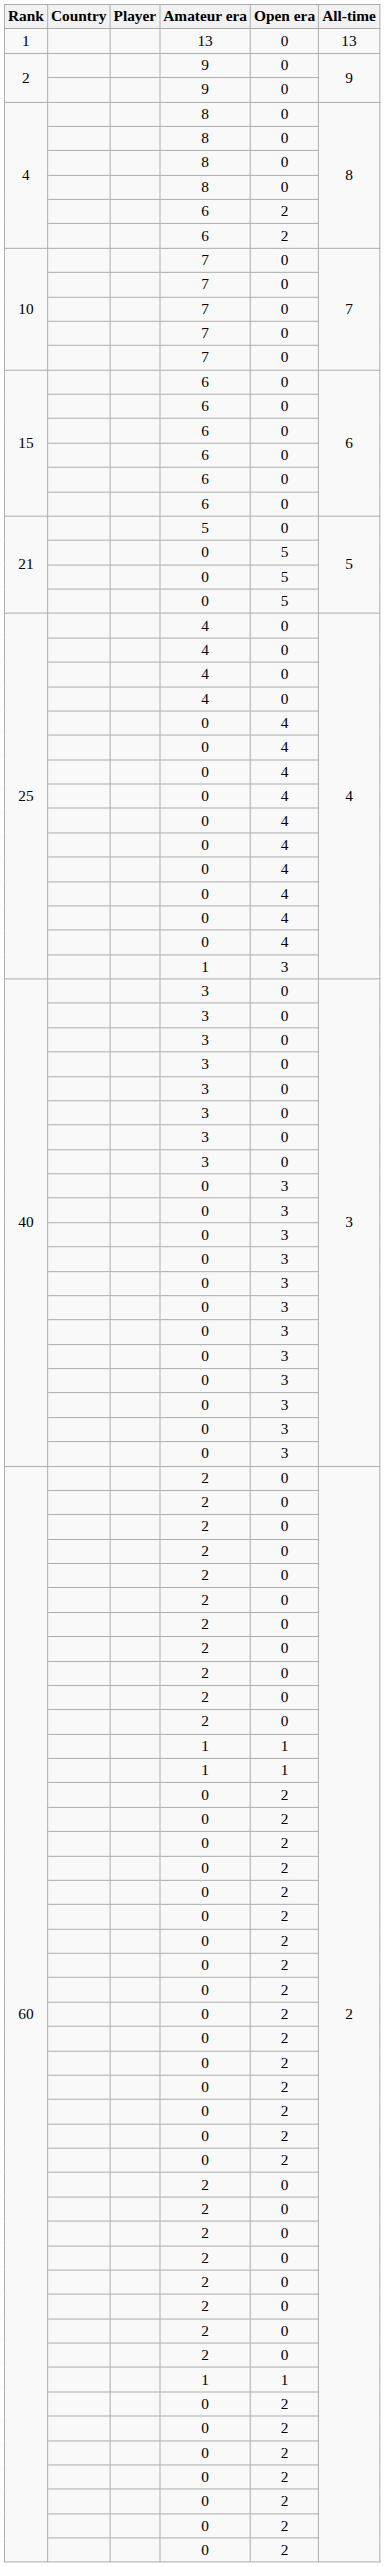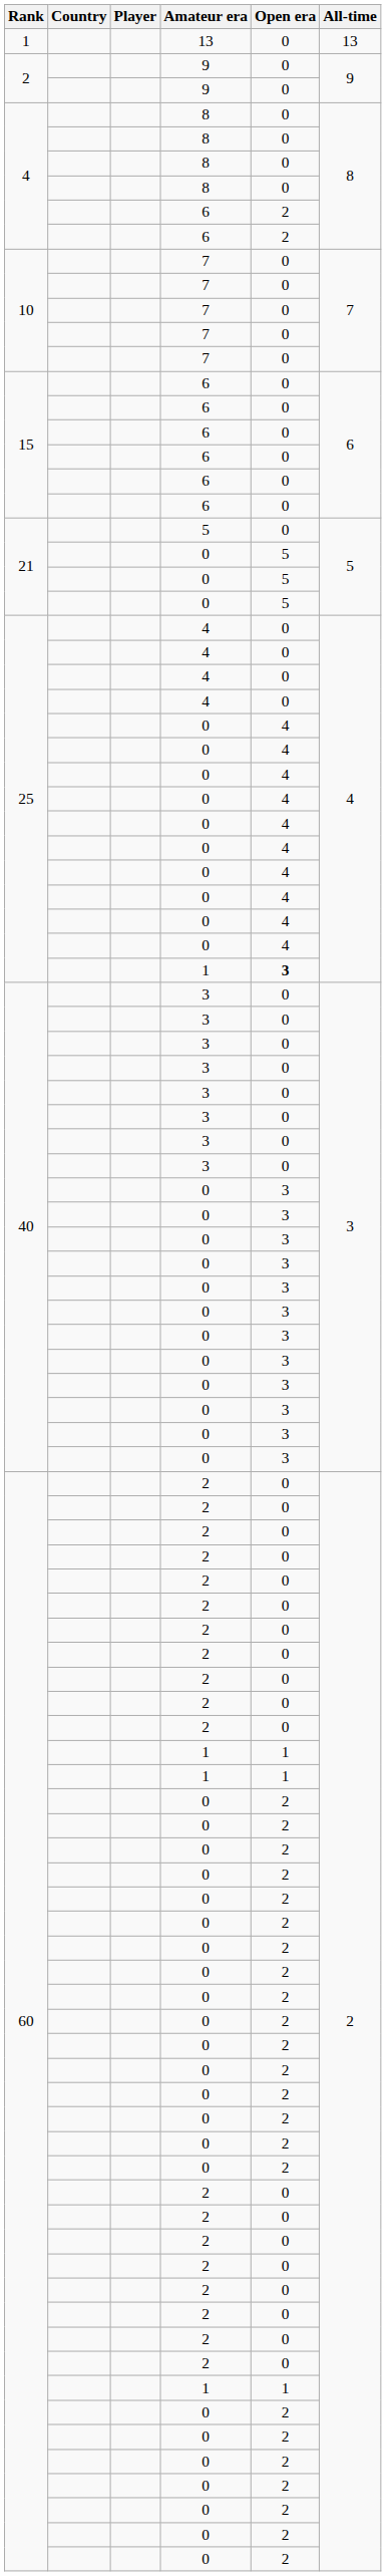 <table class="wikitable sortable">
 <tr>
 <th>Rank</th>
 <th>Country</th>
 <th>Player</th>
 <th>Amateur era</th>
 <th>Open era</th>
 <th>All-time</th>
 </tr>
 <tr>
 <td align=center>1</td>
 <td></td>
 <td></td>
 <td align=center>13</td>
 <td align=center>0</td>
 <td align=center>13</td>
 </tr>
 <tr>
 <td rowspan="2" align=center>2</td>
 <td></td>
 <td></td>
 <td align=center>9</td>
 <td align=center>0</td>
 <td rowspan="2" align=center>9</td>
 </tr>
 <tr>
 <td></td>
 <td></td>
 <td align=center>9</td>
 <td align=center>0</td>
 </tr>
 <tr>
 <td rowspan="6" align=center>4</td>
 <td></td>
 <td></td>
 <td align=center>8</td>
 <td align=center>0</td>
 <td rowspan="6" align=center>8</td>
 </tr>
 <tr>
 <td></td>
 <td></td>
 <td align=center>8</td>
 <td align=center>0</td>
 </tr>
 <tr>
 <td></td>
 <td></td>
 <td align=center>8</td>
 <td align=center>0</td>
 </tr>
 <tr>
 <td></td>
 <td></td>
 <td align=center>8</td>
 <td align=center>0</td>
 </tr>
 <tr>
 <td></td>
 <td></td>
 <td align=center>6</td>
 <td align=center>2</td>
 </tr>
 <tr>
 <td></td>
 <td></td>
 <td align=center>6</td>
 <td align=center>2</td>
 </tr>
 <tr>
 <td rowspan="5" align=center>10</td>
 <td></td>
 <td></td>
 <td align=center>7</td>
 <td align=center>0</td>
 <td rowspan="5" align=center>7</td>
 </tr>
 <tr>
 <td></td>
 <td></td>
 <td align=center>7</td>
 <td align=center>0</td>
 </tr>
 <tr>
 <td></td>
 <td></td>
 <td align=center>7</td>
 <td align=center>0</td>
 </tr>
 <tr>
 <td></td>
 <td></td>
 <td align=center>7</td>
 <td align=center>0</td>
 </tr>
 <tr>
 <td></td>
 <td></td>
 <td align=center>7</td>
 <td align=center>0</td>
 </tr>
 <tr>
 <td rowspan="6" align=center>15</td>
 <td></td>
 <td></td>
 <td align=center>6</td>
 <td align=center>0</td>
 <td rowspan="6" align=center>6</td>
 </tr>
 <tr>
 <td></td>
 <td></td>
 <td align=center>6</td>
 <td align=center>0</td>
 </tr>
 <tr>
 <td></td>
 <td></td>
 <td align=center>6</td>
 <td align=center>0</td>
 </tr>
 <tr>
 <td></td>
 <td></td>
 <td align=center>6</td>
 <td align=center>0</td>
 </tr>
 <tr>
 <td></td>
 <td></td>
 <td align=center>6</td>
 <td align=center>0</td>
 </tr>
 <tr>
 <td></td>
 <td></td>
 <td align=center>6</td>
 <td align=center>0</td>
 </tr>
 <tr>
 <td rowspan="4" align=center>21</td>
 <td></td>
 <td></td>
 <td align=center>5</td>
 <td align=center>0</td>
 <td rowspan="4" align=center>5</td>
 </tr>
 <tr>
 <td></td>
 <td></td>
 <td align=center>0</td>
 <td align=center>5</td>
 </tr>
 <tr>
 <td></td>
 <td></td>
 <td align=center>0</td>
 <td align=center>5</td>
 </tr>
 <tr>
 <td></td>
 <td></td>
 <td align=center>0</td>
 <td align=center>5</td>
 </tr>
 <tr>
 <td rowspan="15" align=center>25</td>
 <td></td>
 <td></td>
 <td align=center>4</td>
 <td align=center>0</td>
 <td rowspan="15" align=center>4</td>
 </tr>
 <tr>
 <td></td>
 <td></td>
 <td align=center>4</td>
 <td align=center>0</td>
 </tr>
 <tr>
 <td></td>
 <td></td>
 <td align=center>4</td>
 <td align=center>0</td>
 </tr>
 <tr>
 <td></td>
 <td></td>
 <td align=center>4</td>
 <td align=center>0</td>
 </tr>
 <tr>
 <td></td>
 <td></td>
 <td align=center>0</td>
 <td align=center>4</td>
 </tr>
 <tr>
 <td></td>
 <td></td>
 <td align=center>0</td>
 <td align=center>4</td>
 </tr>
 <tr>
 <td></td>
 <td></td>
 <td align=center>0</td>
 <td align=center>4</td>
 </tr>
 <tr>
 <td></td>
 <td></td>
 <td align=center>0</td>
 <td align=center>4</td>
 </tr>
 <tr>
 <td></td>
 <td></td>
 <td align=center>0</td>
 <td align=center>4</td>
 </tr>
 <tr>
 <td></td>
 <td></td>
 <td align=center>0</td>
 <td align=center>4</td>
 </tr>
 <tr>
 <td></td>
 <td></td>
 <td align=center>0</td>
 <td align=center>4</td>
 </tr>
 <tr>
 <td></td>
 <td></td>
 <td align=center>0</td>
 <td align=center>4</td>
 </tr>
 <tr>
 <td></td>
 <td></td>
 <td align="center">0</td>
 <td align=center>4</td>
 </tr>
 <tr>
 <td></td>
 <td></td>
 <td align="center">0</td>
 <td align=center>4</td>
 </tr>
 <tr>
 <td></td>
 <td><em></em></td>
 <td align=center>1</td>
-<td align=center>3</td>
+<td align=center><strong>3</strong></td>
 </tr>
 <tr>
 <td rowspan="20" align=center>40</td>
 <td></td>
 <td></td>
 <td align=center>3</td>
 <td align=center>0</td>
 <td rowspan="20" align=center>3</td>
 </tr>
 <tr>
 <td></td>
 <td></td>
 <td align=center>3</td>
 <td align=center>0</td>
 </tr>
 <tr>
 <td></td>
 <td></td>
 <td align=center>3</td>
 <td align=center>0</td>
 </tr>
 <tr>
 <td></td>
 <td></td>
 <td align=center>3</td>
 <td align=center>0</td>
 </tr>
 <tr>
 <td></td>
 <td></td>
 <td align=center>3</td>
 <td align=center>0</td>
 </tr>
 <tr>
 <td></td>
 <td></td>
 <td align=center>3</td>
 <td align=center>0</td>
 </tr>
 <tr>
 <td></td>
 <td></td>
 <td align=center>3</td>
 <td align=center>0</td>
 </tr>
 <tr>
 <td></td>
 <td></td>
 <td align=center>3</td>
 <td align=center>0</td>
 </tr>
 <tr>
 <td></td>
 <td></td>
 <td align=center>0</td>
 <td align=center>3</td>
 </tr>
 <tr>
 <td></td>
 <td></td>
 <td align=center>0</td>
 <td align=center>3</td>
 </tr>
 <tr>
 <td></td>
 <td></td>
 <td align=center>0</td>
 <td align=center>3</td>
 </tr>
 <tr>
 <td></td>
 <td></td>
 <td align=center>0</td>
 <td align=center>3</td>
 </tr>
 <tr>
 <td></td>
 <td></td>
 <td align=center>0</td>
 <td align=center>3</td>
 </tr>
 <tr>
 <td></td>
 <td></td>
 <td align=center>0</td>
 <td align=center>3</td>
 </tr>
 <tr>
 <td></td>
 <td></td>
 <td align=center>0</td>
 <td align=center>3</td>
 </tr>
 <tr>
 <td></td>
 <td></td>
 <td align=center>0</td>
 <td align=center>3</td>
 </tr>
 <tr>
 <td></td>
 <td></td>
 <td align=center>0</td>
 <td align=center>3</td>
 </tr>
 <tr>
 <td></td>
 <td></td>
 <td align=center>0</td>
 <td align=center>3</td>
 </tr>
 <tr>
 <td></td>
 <td></td>
 <td align="center">0</td>
 <td align=center>3</td>
 </tr>
 <tr>
 <td></td>
 <td><em></em></td>
 <td align=center>0</td>
 <td align=center>3</td>
 </tr>
 <tr>
 <td rowspan="45" align=center>60</td>
 <td></td>
 <td></td>
 <td align=center>2</td>
 <td align=center>0</td>
 <td rowspan="45" align=center>2</td>
 </tr>
 <tr>
 <td></td>
 <td></td>
 <td align=center>2</td>
 <td align=center>0</td>
 </tr>
 <tr>
 <td></td>
 <td></td>
 <td align=center>2</td>
 <td align=center>0</td>
 </tr>
 <tr>
 <td></td>
 <td></td>
 <td align=center>2</td>
 <td align=center>0</td>
 </tr>
 <tr>
 <td></td>
 <td></td>
 <td align=center>2</td>
 <td align=center>0</td>
 </tr>
 <tr>
 <td></td>
 <td></td>
 <td align=center>2</td>
 <td align=center>0</td>
 </tr>
 <tr>
 <td></td>
 <td></td>
 <td align=center>2</td>
 <td align=center>0</td>
 </tr>
 <tr>
 <td></td>
 <td></td>
 <td align=center>2</td>
 <td align=center>0</td>
 </tr>
 <tr>
 <td></td>
 <td></td>
 <td align=center>2</td>
 <td align=center>0</td>
 </tr>
 <tr>
 <td></td>
 <td></td>
 <td align=center>2</td>
 <td align=center>0</td>
 </tr>
 <tr>
 <td></td>
 <td></td>
 <td align=center>2</td>
 <td align=center>0</td>
 </tr>
 <tr>
 <td></td>
 <td></td>
 <td align=center>1</td>
 <td align=center>1</td>
 </tr>
 <tr>
 <td></td>
 <td></td>
 <td align=center>1</td>
 <td align=center>1</td>
 </tr>
 <tr>
 <td></td>
 <td></td>
 <td align=center>0</td>
 <td align=center>2</td>
 </tr>
 <tr>
 <td></td>
 <td></td>
 <td align=center>0</td>
 <td align=center>2</td>
 </tr>
 <tr>
 <td></td>
 <td></td>
 <td align=center>0</td>
 <td align=center>2</td>
 </tr>
 <tr>
 <td></td>
 <td></td>
 <td align=center>0</td>
 <td align=center>2</td>
 </tr>
 <tr>
 <td></td>
 <td></td>
 <td align=center>0</td>
 <td align=center>2</td>
 </tr>
 <tr>
 <td></td>
 <td></td>
 <td align=center>0</td>
 <td align=center>2</td>
 </tr>
 <tr>
 <td></td>
 <td></td>
 <td align=center>0</td>
 <td align=center>2</td>
 </tr>
 <tr>
 <td></td>
 <td></td>
 <td align=center>0</td>
 <td align=center>2</td>
 </tr>
 <tr>
 <td></td>
 <td></td>
 <td align=center>0</td>
 <td align=center>2</td>
 </tr>
 <tr>
 <td></td>
 <td></td>
 <td align=center>0</td>
 <td align=center>2</td>
 </tr>
 <tr>
 <td></td>
 <td></td>
 <td align=center>0</td>
 <td align=center>2</td>
 </tr>
 <tr>
 <td></td>
 <td></td>
 <td align=center>0</td>
 <td align=center>2</td>
 </tr>
 <tr>
 <td></td>
 <td></td>
 <td align=center>0</td>
 <td align=center>2</td>
 </tr>
 <tr>
 <td></td>
 <td><strong></strong></td>
 <td align=center>0</td>
 <td align=center>2</td>
 </tr>
 <tr>
 <td></td>
 <td><strong></strong></td>
 <td align=center>0</td>
 <td align=center>2</td>
 </tr>
 <tr>
 <td></td>
 <td><strong></strong></td>
 <td align=center>0</td>
 <td align=center>2</td>
 </tr>
 <tr>
 <td></td>
 <td><em></em></td>
 <td align=center>2</td>
 <td align=center>0</td>
 </tr>
 <tr>
 <td></td>
 <td><em></em></td>
 <td align=center>2</td>
 <td align=center>0</td>
 </tr>
 <tr>
 <td></td>
 <td><em></em></td>
 <td align=center>2</td>
 <td align=center>0</td>
 </tr>
 <tr>
 <td></td>
 <td><em></em></td>
 <td align=center>2</td>
 <td align=center>0</td>
 </tr>
 <tr>
 <td></td>
 <td><em></em></td>
 <td align=center>2</td>
 <td align=center>0</td>
 </tr>
 <tr>
 <td></td>
 <td><em></em></td>
 <td align=center>2</td>
 <td align=center>0</td>
 </tr>
 <tr>
 <td></td>
 <td><em></em></td>
 <td align=center>2</td>
 <td align=center>0</td>
 </tr>
 <tr>
 <td></td>
 <td><em></em></td>
 <td align=center>2</td>
 <td align=center>0</td>
 </tr>
 <tr>
 <td></td>
 <td><em></em></td>
 <td align=center>1</td>
 <td align=center>1</td>
 </tr>
 <tr>
 <td></td>
 <td><em></em></td>
 <td align=center>0</td>
 <td align=center>2</td>
 </tr>
 <tr>
 <td></td>
 <td><em></em></td>
 <td align=center>0</td>
 <td align=center>2</td>
 </tr>
 <tr>
 <td></td>
 <td><em></em></td>
 <td align=center>0</td>
 <td align=center>2</td>
 </tr>
 <tr>
 <td></td>
 <td><em></em></td>
 <td align=center>0</td>
 <td align=center>2</td>
 </tr>
 <tr>
 <td></td>
 <td><strong><em></em></strong></td>
 <td align=center>0</td>
 <td align=center>2</td>
 </tr>
 <tr>
 <td></td>
 <td><strong><em></em></strong></td>
 <td align=center>0</td>
 <td align=center>2</td>
 </tr>
 <tr>
 <td></td>
 <td><strong></strong></td>
 <td align=center>0</td>
 <td align=center>2</td>
 </tr>
 </table>
